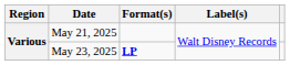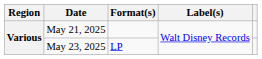 <table class="wikitable plainrowheaders">
 <tr>
 <th scope="col">Region</th>
 <th scope="col">Date</th>
 <th scope="col">Format(s)</th>
 <th scope="col">Label(s)</th>
 <th scope="col"></th>
 </tr>
 <tr>
 <th rowspan="2" scope="row">Various</th>
 <td>May 21, 2025</td>
 <td></td>
 <td rowspan="2"><a href='#'>Walt Disney Records</a></td>
 <td align="center"></td>
 </tr>
 <tr>
 <td>May 23, 2025</td>
-<td><strong><a href='#'>LP</a></strong></td>
+<td><a href='#'>LP</a></td>
 <td align="center"></td>
 </tr>
 </table>
